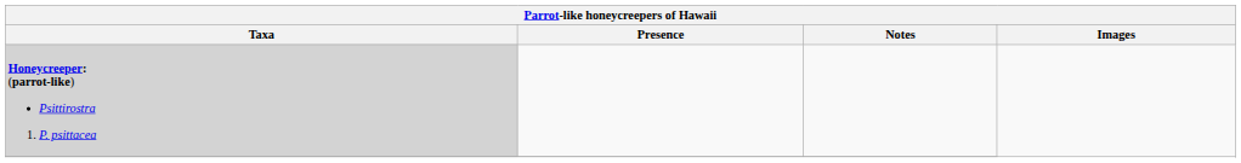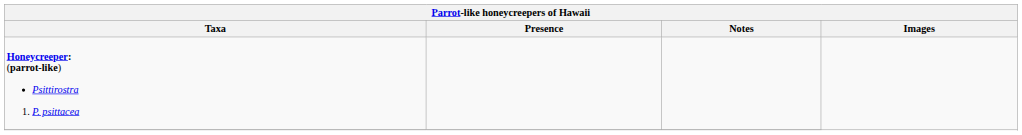 <table class="wikitable" align="center" width="100%">
 <tr>
 <th colspan="5" align="center"><a href='#'>Parrot</a>-like honeycreepers of Hawaii</th>
 </tr>
 <tr>
 <th>Taxa</th>
 <th>Presence</th>
 <th>Notes</th>
 <th>Images</th>
 </tr>
 <tr>
-<td style="background: lightgrey;"><br><strong><a href='#'>Honeycreeper</a>:</strong><br>(<strong>parrot-like</strong>)<ul><li><em><a href='#'>Psittirostra</a></em></li></ul><ol><li><em><a href='#'>P. psittacea</a></em></li></ol></td>
+<td><br><strong><a href='#'>Honeycreeper</a>:</strong><br>(<strong>parrot-like</strong>)<ul><li><em><a href='#'>Psittirostra</a></em></li></ul><ol><li><em><a href='#'>P. psittacea</a></em></li></ol></td>
 <td></td>
 <td></td>
 <td rowspan="99"><br></td>
 </tr>
 <tr>
 </tr>
 </table>
